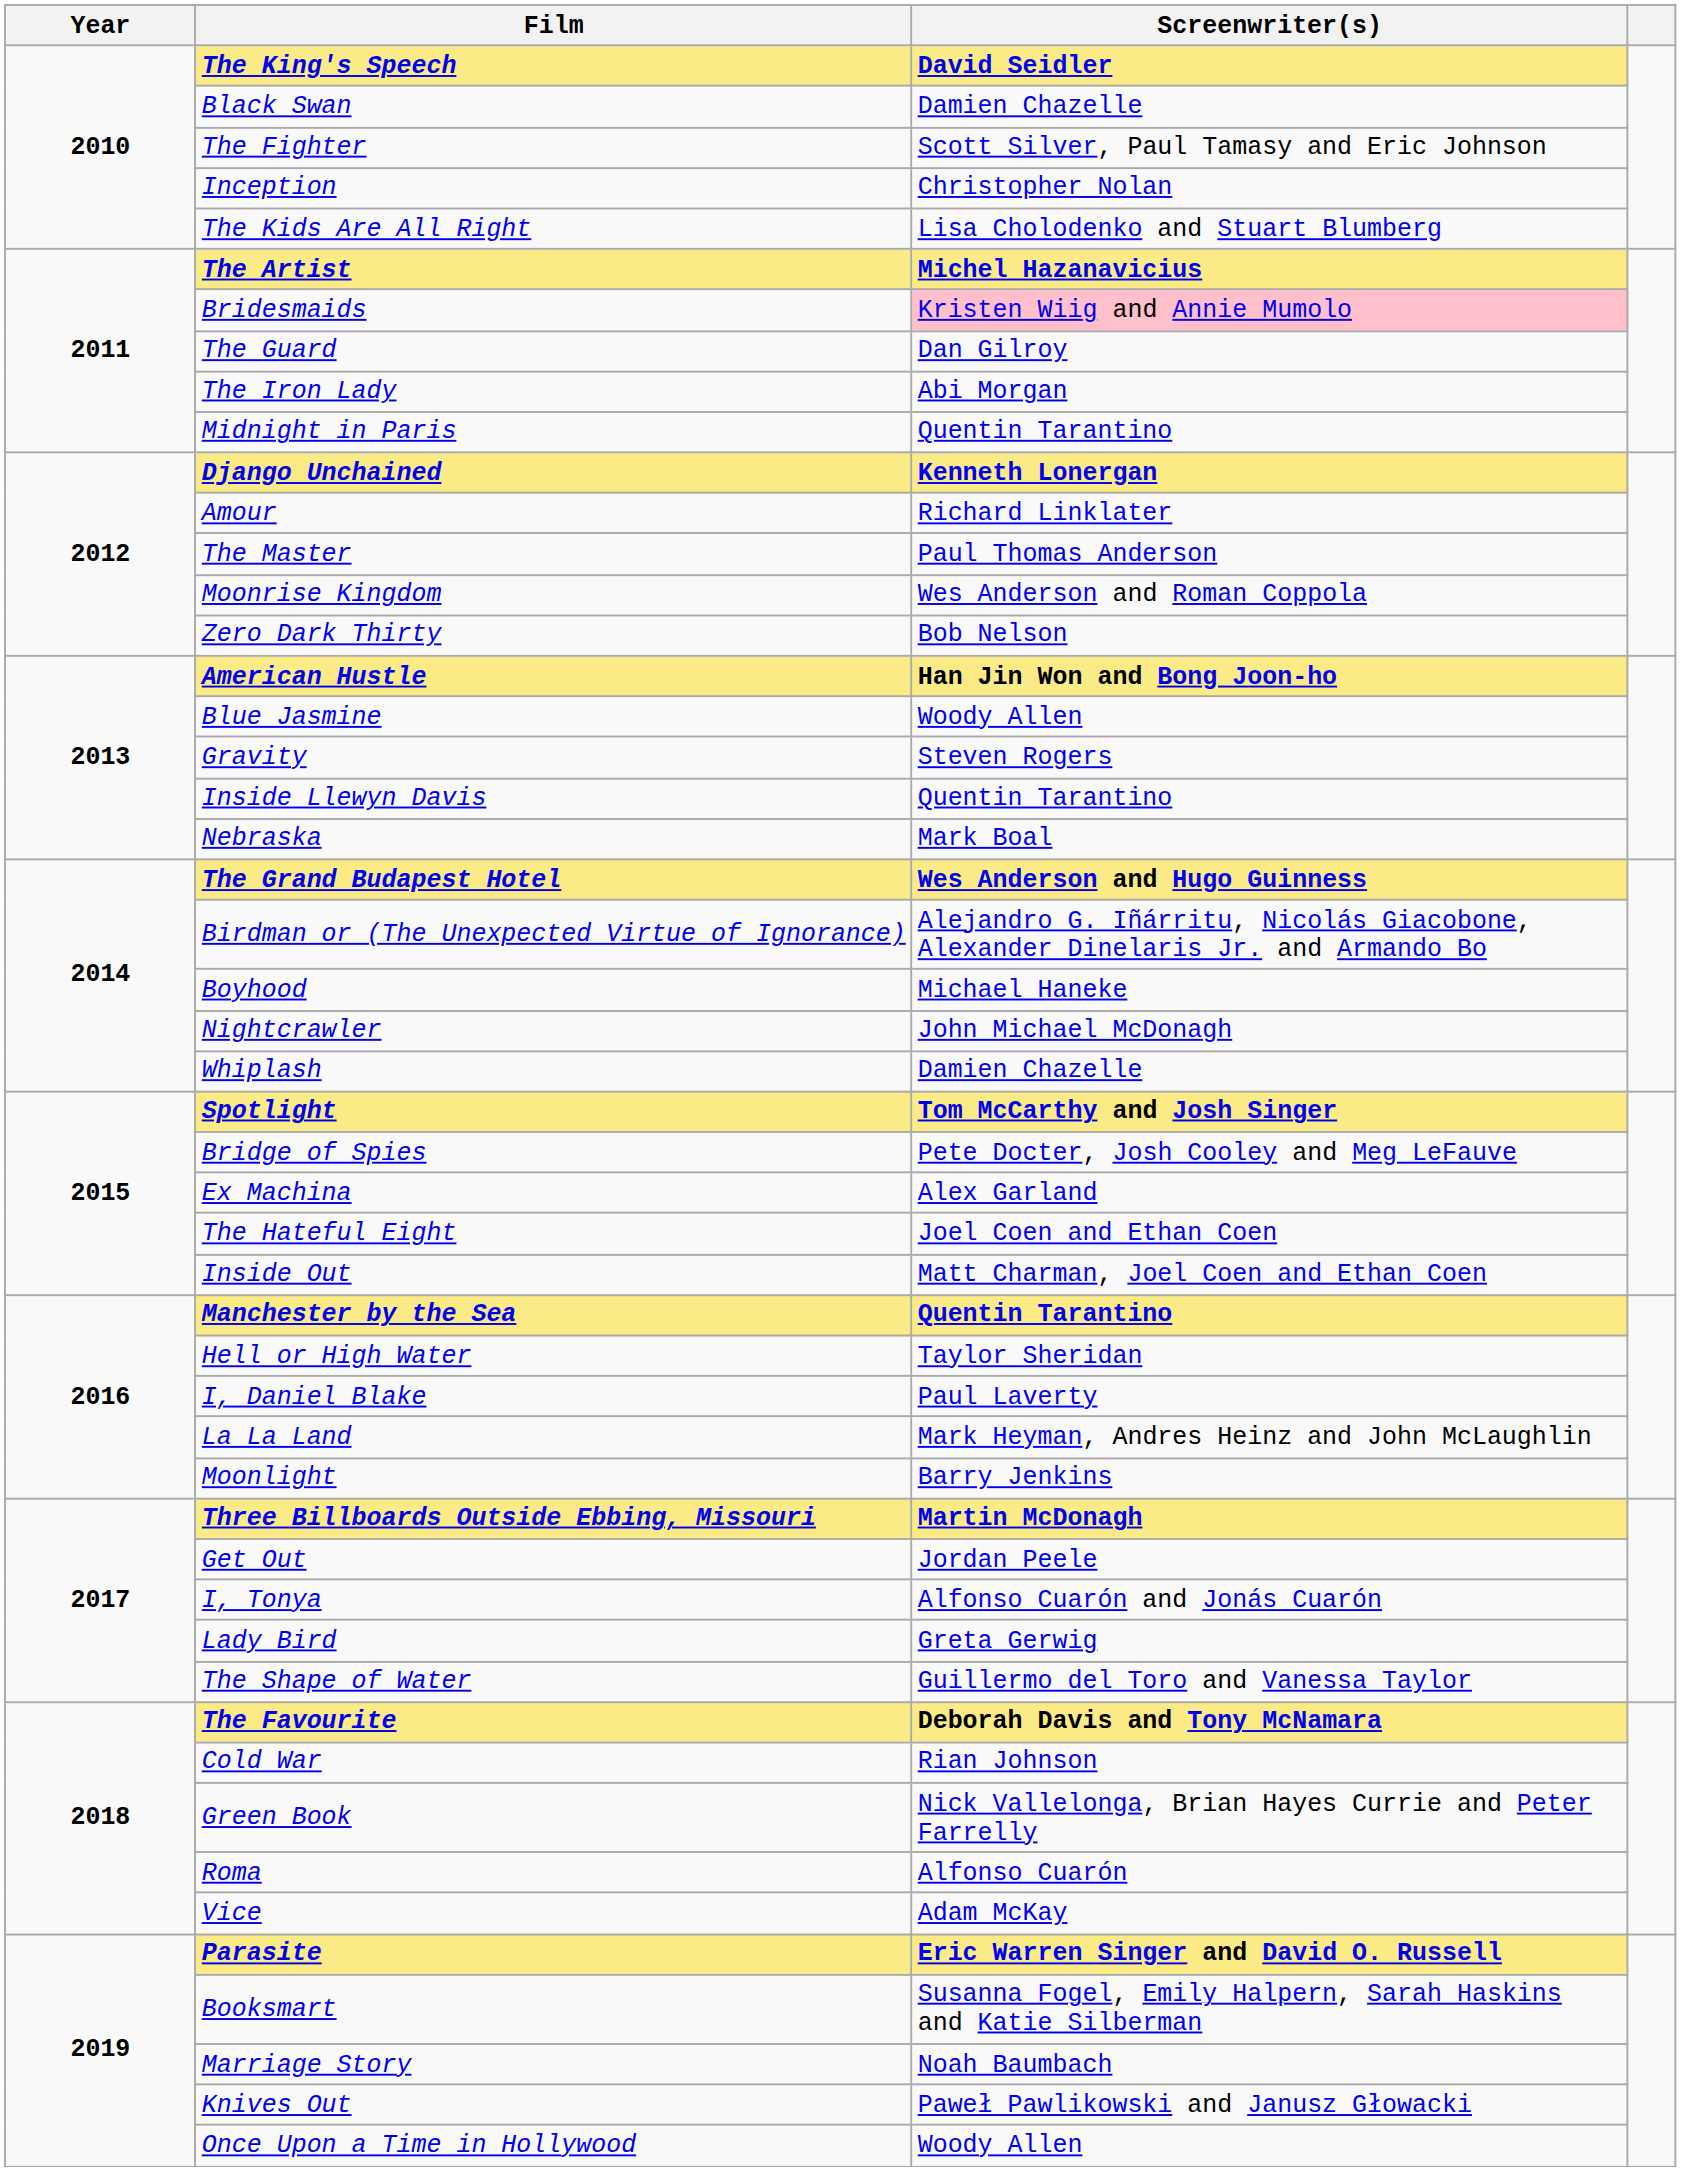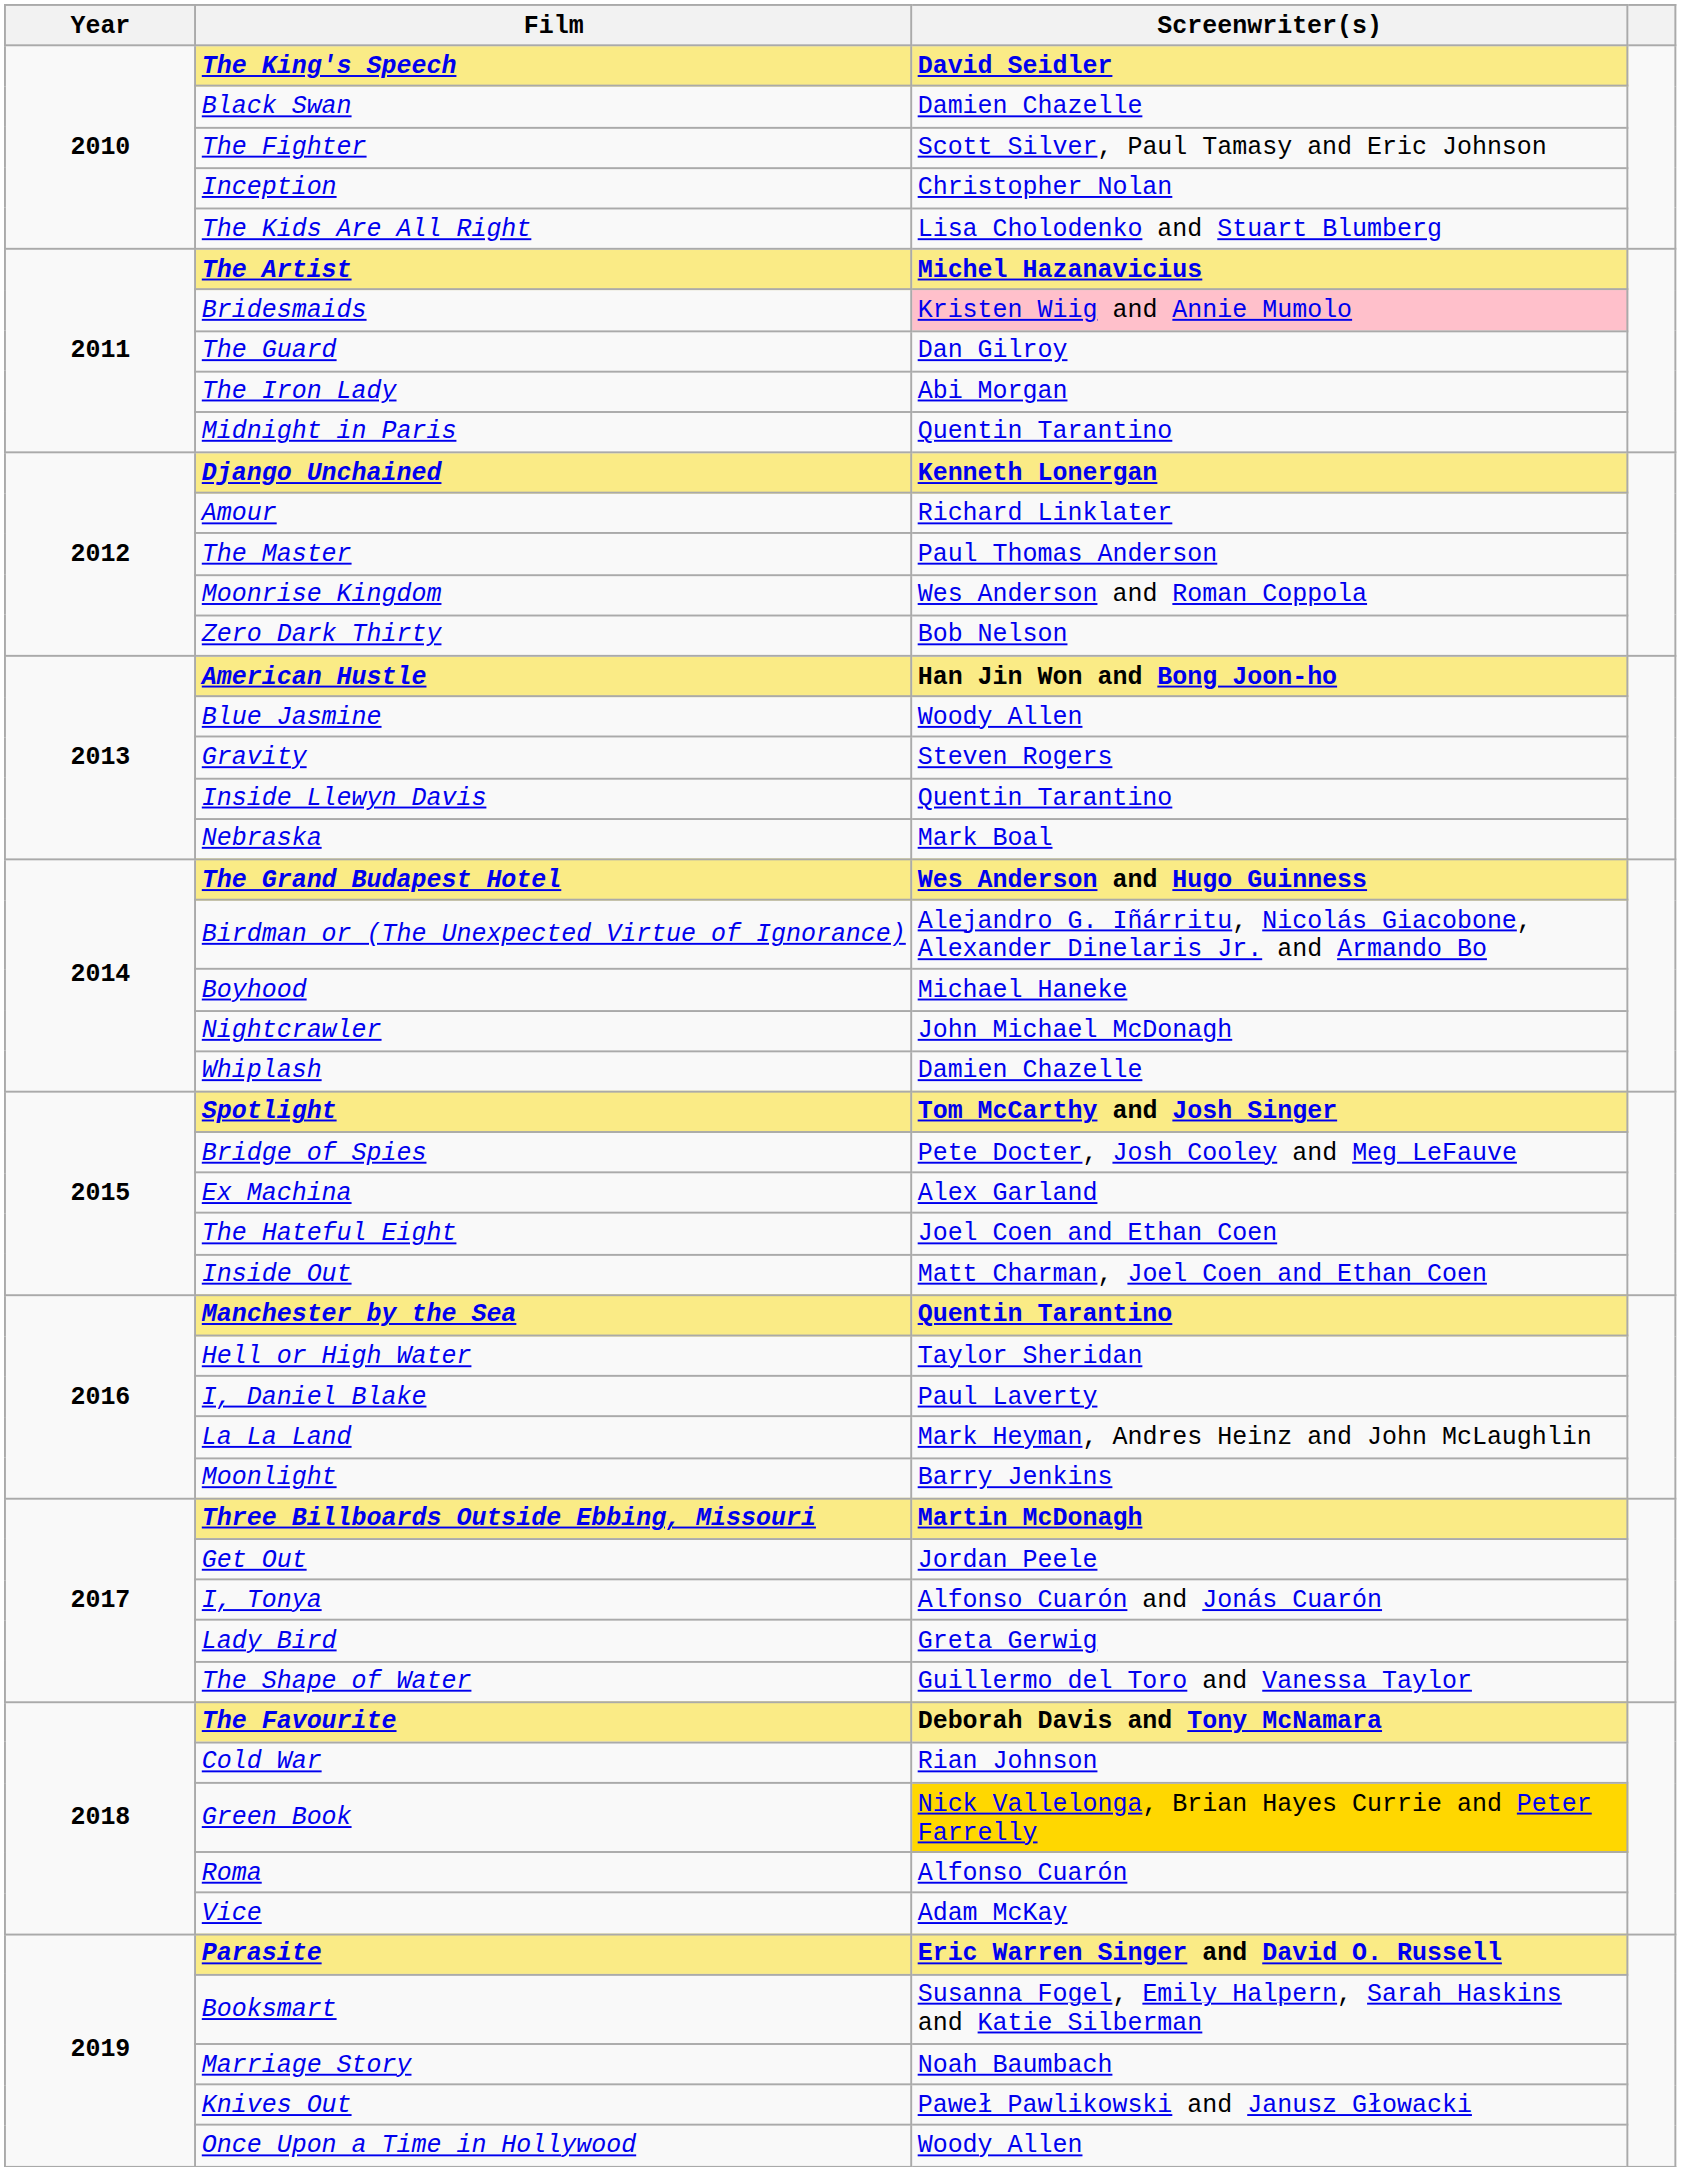 <table class="wikitable sortable">
 <tr>
 <th scope="col" style="width:8%;">Year</th>
 <th scope="col" style="width:30%;">Film</th>
 <th scope="col" style="width:30%;">Screenwriter(s)</th>
 <th scope="col" style="width:2%;" class="unsortable"></th>
 </tr>
 <tr>
 <td rowspan="5", align=center><strong>2010</strong><br></td>
 <td style="background:#FAEB86"><strong><em><a href='#'>The King's Speech</a></em></strong></td>
 <td style="background:#FAEB86"><strong><a href='#'>David Seidler</a></strong></td>
 <td rowspan=5></td>
 </tr>
 <tr>
 <td><em><a href='#'>Black Swan</a></em></td>
 <td><a href='#'>Damien Chazelle</a></td>
 </tr>
 <tr>
 <td><em><a href='#'>The Fighter</a></em></td>
 <td><a href='#'>Scott Silver</a>, Paul Tamasy and Eric Johnson</td>
 </tr>
 <tr>
 <td><em><a href='#'>Inception</a></em></td>
 <td><a href='#'>Christopher Nolan</a></td>
 </tr>
 <tr>
 <td><em><a href='#'>The Kids Are All Right</a></em></td>
 <td><a href='#'>Lisa Cholodenko</a> and <a href='#'>Stuart Blumberg</a></td>
 </tr>
 <tr>
 <td rowspan="5", align=center><strong>2011</strong><br></td>
 <td style="background:#FAEB86"><strong><em><a href='#'>The Artist</a></em></strong></td>
 <td style="background:#FAEB86"><strong><a href='#'>Michel Hazanavicius</a></strong></td>
 <td rowspan=5></td>
 </tr>
 <tr>
 <td><em><a href='#'>Bridesmaids</a></em></td>
 <td style="background: pink;"><a href='#'>Kristen Wiig</a> and <a href='#'>Annie Mumolo</a></td>
 </tr>
 <tr>
 <td><em><a href='#'>The Guard</a></em></td>
 <td><a href='#'>Dan Gilroy</a></td>
 </tr>
 <tr>
 <td><em><a href='#'>The Iron Lady</a></em></td>
 <td><a href='#'>Abi Morgan</a></td>
 </tr>
 <tr>
 <td><em><a href='#'>Midnight in Paris</a></em></td>
 <td><a href='#'>Quentin Tarantino</a></td>
 </tr>
 <tr>
 <td rowspan="5", align=center><strong>2012</strong><br></td>
 <td style="background:#FAEB86"><strong><em><a href='#'>Django Unchained</a></em></strong></td>
 <td style="background:#FAEB86"><strong><a href='#'>Kenneth Lonergan</a></strong></td>
 <td rowspan=5></td>
 </tr>
 <tr>
 <td><em><a href='#'>Amour</a></em></td>
 <td><a href='#'>Richard Linklater</a></td>
 </tr>
 <tr>
 <td><em><a href='#'>The Master</a></em></td>
 <td><a href='#'>Paul Thomas Anderson</a></td>
 </tr>
 <tr>
 <td><em><a href='#'>Moonrise Kingdom</a></em></td>
 <td><a href='#'>Wes Anderson</a> and <a href='#'>Roman Coppola</a></td>
 </tr>
 <tr>
 <td><em><a href='#'>Zero Dark Thirty</a></em></td>
 <td><a href='#'>Bob Nelson</a></td>
 </tr>
 <tr>
 <td rowspan="5", align=center><strong>2013</strong><br></td>
 <td style="background:#FAEB86"><strong><em><a href='#'>American Hustle</a></em></strong></td>
 <td style="background:#FAEB86"><strong>Han Jin Won and <a href='#'>Bong Joon-ho</a></strong></td>
 <td rowspan=5></td>
 </tr>
 <tr>
 <td><em><a href='#'>Blue Jasmine</a></em></td>
 <td><a href='#'>Woody Allen</a></td>
 </tr>
 <tr>
 <td><em><a href='#'>Gravity</a></em></td>
 <td><a href='#'>Steven Rogers</a></td>
 </tr>
 <tr>
 <td><em><a href='#'>Inside Llewyn Davis</a></em></td>
 <td><a href='#'>Quentin Tarantino</a></td>
 </tr>
 <tr>
 <td><em><a href='#'>Nebraska</a></em></td>
 <td><a href='#'>Mark Boal</a></td>
 </tr>
 <tr>
 <td rowspan="5", align=center><strong>2014</strong><br></td>
 <td style="background:#FAEB86"><strong><em><a href='#'>The Grand Budapest Hotel</a></em></strong></td>
 <td style="background:#FAEB86"><strong><a href='#'>Wes Anderson</a> and <a href='#'>Hugo Guinness</a></strong></td>
 <td rowspan=5></td>
 </tr>
 <tr>
 <td><em><a href='#'>Birdman or (The Unexpected Virtue of Ignorance)</a></em></td>
 <td><a href='#'>Alejandro G. Iñárritu</a>, <a href='#'>Nicolás Giacobone</a>, <a href='#'>Alexander Dinelaris Jr.</a> and <a href='#'>Armando Bo</a></td>
 </tr>
 <tr>
 <td><em><a href='#'>Boyhood</a></em></td>
 <td><a href='#'>Michael Haneke</a></td>
 </tr>
 <tr>
 <td><em><a href='#'>Nightcrawler</a></em></td>
 <td><a href='#'>John Michael McDonagh</a></td>
 </tr>
 <tr>
 <td><em><a href='#'>Whiplash</a></em></td>
 <td><a href='#'>Damien Chazelle</a></td>
 </tr>
 <tr>
 <td rowspan="5", align=center><strong>2015</strong><br></td>
 <td style="background:#FAEB86"><strong><em><a href='#'>Spotlight</a></em></strong></td>
 <td style="background:#FAEB86"><strong><a href='#'>Tom McCarthy</a> and <a href='#'>Josh Singer</a></strong></td>
 <td rowspan=5></td>
 </tr>
 <tr>
 <td><em><a href='#'>Bridge of Spies</a></em></td>
 <td><a href='#'>Pete Docter</a>, <a href='#'>Josh Cooley</a> and <a href='#'>Meg LeFauve</a></td>
 </tr>
 <tr>
 <td><em><a href='#'>Ex Machina</a></em></td>
 <td><a href='#'>Alex Garland</a></td>
 </tr>
 <tr>
 <td><em><a href='#'>The Hateful Eight</a></em></td>
 <td><a href='#'>Joel Coen and Ethan Coen</a></td>
 </tr>
 <tr>
 <td><em><a href='#'>Inside Out</a></em></td>
 <td><a href='#'>Matt Charman</a>, <a href='#'>Joel Coen and Ethan Coen</a></td>
 </tr>
 <tr>
 <td rowspan="5", align=center><strong>2016</strong><br></td>
 <td style="background:#FAEB86"><strong><em><a href='#'>Manchester by the Sea</a></em></strong></td>
 <td style="background:#FAEB86"><strong><a href='#'>Quentin Tarantino</a></strong></td>
 <td rowspan=5></td>
 </tr>
 <tr>
 <td><em><a href='#'>Hell or High Water</a></em></td>
 <td><a href='#'>Taylor Sheridan</a></td>
 </tr>
 <tr>
 <td><em><a href='#'>I, Daniel Blake</a></em></td>
 <td><a href='#'>Paul Laverty</a></td>
 </tr>
 <tr>
 <td><em><a href='#'>La La Land</a></em></td>
 <td><a href='#'>Mark Heyman</a>, Andres Heinz and John McLaughlin</td>
 </tr>
 <tr>
 <td><em><a href='#'>Moonlight</a></em></td>
 <td><a href='#'>Barry Jenkins</a></td>
 </tr>
 <tr>
 <td rowspan="5", align=center><strong>2017</strong><br></td>
 <td style="background:#FAEB86"><strong><em><a href='#'>Three Billboards Outside Ebbing, Missouri</a></em></strong></td>
 <td style="background:#FAEB86"><strong><a href='#'>Martin McDonagh</a></strong></td>
 <td rowspan=5></td>
 </tr>
 <tr>
 <td><em><a href='#'>Get Out</a></em></td>
 <td><a href='#'>Jordan Peele</a></td>
 </tr>
 <tr>
 <td><em><a href='#'>I, Tonya</a></em></td>
 <td><a href='#'>Alfonso Cuarón</a> and <a href='#'>Jonás Cuarón</a></td>
 </tr>
 <tr>
 <td><em><a href='#'>Lady Bird</a></em></td>
 <td><a href='#'>Greta Gerwig</a></td>
 </tr>
 <tr>
 <td><em><a href='#'>The Shape of Water</a></em></td>
 <td><a href='#'>Guillermo del Toro</a> and <a href='#'>Vanessa Taylor</a></td>
 </tr>
 <tr>
 <td rowspan="5", align=center><strong>2018</strong><br></td>
 <td style="background:#FAEB86"><strong><em><a href='#'>The Favourite</a></em></strong></td>
 <td style="background:#FAEB86"><strong>Deborah Davis and <a href='#'>Tony McNamara</a></strong></td>
 <td rowspan=5></td>
 </tr>
 <tr>
 <td><em><a href='#'>Cold War</a></em></td>
 <td><a href='#'>Rian Johnson</a></td>
 </tr>
 <tr>
 <td><em><a href='#'>Green Book</a></em></td>
-<td><a href='#'>Nick Vallelonga</a>, Brian Hayes Currie and <a href='#'>Peter Farrelly</a></td>
+<td style="background: gold;"><a href='#'>Nick Vallelonga</a>, Brian Hayes Currie and <a href='#'>Peter Farrelly</a></td>
 </tr>
 <tr>
 <td><em><a href='#'>Roma</a></em></td>
 <td><a href='#'>Alfonso Cuarón</a></td>
 </tr>
 <tr>
 <td><em><a href='#'>Vice</a></em></td>
 <td><a href='#'>Adam McKay</a></td>
 </tr>
 <tr>
 <td rowspan="5", align=center><strong>2019</strong><br></td>
 <td style="background:#FAEB86"><strong><em><a href='#'>Parasite</a></em></strong></td>
 <td style="background:#FAEB86"><strong><a href='#'>Eric Warren Singer</a> and <a href='#'>David O. Russell</a></strong></td>
 <td rowspan=5></td>
 </tr>
 <tr>
 <td><em><a href='#'>Booksmart</a></em></td>
 <td><a href='#'>Susanna Fogel</a>, <a href='#'>Emily Halpern</a>, <a href='#'>Sarah Haskins</a> and <a href='#'>Katie Silberman</a></td>
 </tr>
 <tr>
 <td><em><a href='#'>Marriage Story</a></em></td>
 <td><a href='#'>Noah Baumbach</a></td>
 </tr>
 <tr>
 <td><em><a href='#'>Knives Out</a></em></td>
 <td><a href='#'>Paweł Pawlikowski</a> and <a href='#'>Janusz Głowacki</a></td>
 </tr>
 <tr>
 <td><em><a href='#'>Once Upon a Time in Hollywood</a></em></td>
 <td><a href='#'>Woody Allen</a></td>
 </tr>
 </table>
